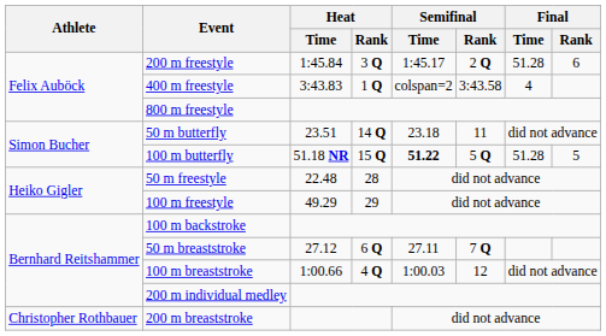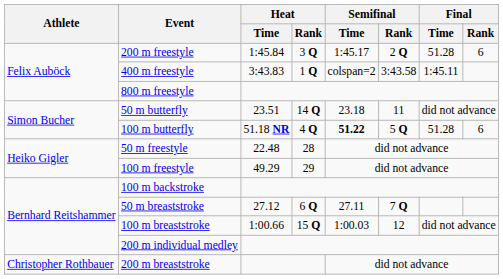 <table class="wikitable" style="font-size:90%;">
 <tr>
 <th rowspan="2">Athlete</th>
 <th rowspan="2">Event</th>
 <th colspan="2">Heat</th>
 <th colspan="2">Semifinal</th>
 <th colspan="2">Final</th>
 </tr>
 <tr>
 <th>Time</th>
 <th>Rank</th>
 <th>Time</th>
 <th>Rank</th>
 <th>Time</th>
 <th>Rank</th>
 </tr>
 <tr align="center">
 <td rowspan="3" align="left"><a href='#'>Felix Auböck</a></td>
 <td align="left"><a href='#'>200 m freestyle</a></td>
 <td>1:45.84</td>
 <td>3 <strong>Q</strong></td>
 <td>1:45.17</td>
 <td>2 <strong>Q</strong></td>
 <td>51.28</td>
 <td>6</td>
 </tr>
 <tr align="center">
 <td align="left"><a href='#'>400 m freestyle</a></td>
 <td>3:43.83</td>
 <td>1 <strong>Q</strong></td>
 <td>colspan=2</td>
 <td>3:43.58</td>
-<td>4</td>
+<td>1:45.11</td>
 </tr>
 <tr align="center">
 <td align="left"><a href='#'>800 m freestyle</a></td>
 <td colspan=6></td>
 </tr>
 <tr align="center">
 <td rowspan="2" align="left"><a href='#'>Simon Bucher</a></td>
 <td align="left"><a href='#'>50 m butterfly</a></td>
 <td>23.51</td>
 <td>14 <strong>Q</strong></td>
 <td>23.18</td>
 <td>11</td>
 <td colspan=2>did not advance</td>
 </tr>
 <tr align="center">
 <td align="left"><a href='#'>100 m butterfly</a></td>
 <td>51.18 <strong><a href='#'>NR</a></strong></td>
-<td>15 <strong>Q</strong></td>
+<td>4 <strong>Q</strong></td>
 <td><strong>51.22</strong></td>
 <td>5 <strong>Q</strong></td>
 <td>51.28</td>
-<td>5</td>
+<td>6</td>
 </tr>
 <tr align="center">
 <td rowspan="2" align="left"><a href='#'>Heiko Gigler</a></td>
 <td align="left"><a href='#'>50 m freestyle</a></td>
 <td>22.48</td>
 <td>28</td>
 <td colspan="4">did not advance</td>
 </tr>
 <tr align="center">
 <td align="left"><a href='#'>100 m freestyle</a></td>
 <td>49.29</td>
 <td>29</td>
 <td colspan=4>did not advance</td>
 </tr>
 <tr align="center">
 <td rowspan="4" align="left"><a href='#'>Bernhard Reitshammer</a></td>
 <td align="left"><a href='#'>100 m backstroke</a></td>
 <td colspan=6></td>
 </tr>
 <tr align="center">
 <td align="left"><a href='#'>50 m breaststroke</a></td>
 <td>27.12</td>
 <td>6 <strong>Q</strong></td>
 <td>27.11</td>
 <td>7 <strong>Q</strong></td>
 <td></td>
 <td></td>
 </tr>
 <tr align="center">
 <td align="left"><a href='#'>100 m breaststroke</a></td>
 <td>1:00.66</td>
-<td>4 <strong>Q</strong></td>
+<td>15 <strong>Q</strong></td>
 <td>1:00.03</td>
 <td>12</td>
 <td colspan=2>did not advance</td>
 </tr>
 <tr align="center">
 <td align="left"><a href='#'>200 m individual medley</a></td>
 <td colspan=6></td>
 </tr>
 <tr align="center">
 <td align="left"><a href='#'>Christopher Rothbauer</a></td>
 <td align="left"><a href='#'>200 m breaststroke</a></td>
 <td colspan="2"></td>
 <td colspan="4">did not advance</td>
 </tr>
 </table>
